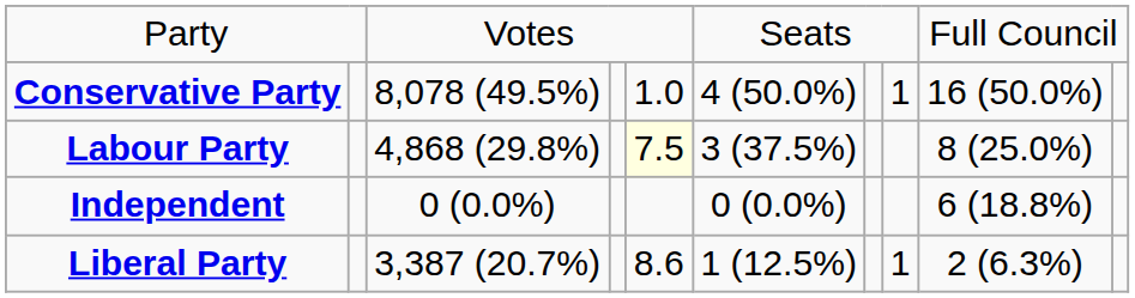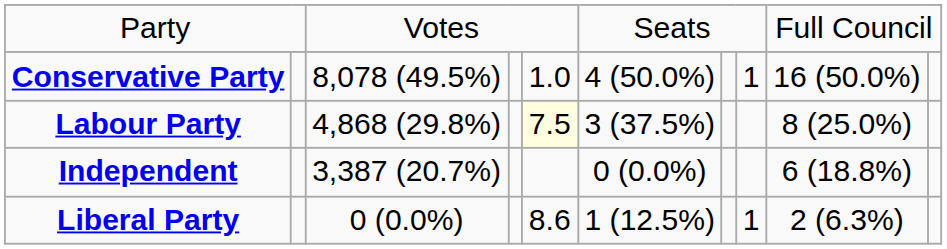 <table class=wikitable style="text-align:center;">
 <tr>
 <td colspan=2>Party</td>
 <td colspan=3>Votes</td>
 <td colspan=3>Seats</td>
 <td colspan=3>Full Council</td>
 </tr>
 <tr>
 <td><strong><a href='#'>Conservative Party</a></strong></td>
 <td style="background:"></td>
 <td>8,078 (49.5%)</td>
 <td></td>
 <td> 1.0</td>
 <td>4 (50.0%)</td>
 <td></td>
 <td> 1</td>
 <td>16 (50.0%)</td>
 <td></td>
 </tr>
 <tr>
 <td><strong><a href='#'>Labour Party</a></strong></td>
 <td style="background:"></td>
 <td>4,868 (29.8%)</td>
 <td></td>
 <td style="background: lightyellow;"> 7.5</td>
 <td>3 (37.5%)</td>
 <td></td>
 <td></td>
 <td>8 (25.0%)</td>
 <td></td>
 </tr>
 <tr>
 <td><strong><a href='#'>Independent</a></strong></td>
 <td style="background:"></td>
-<td>0 (0.0%)</td>
+<td>3,387 (20.7%)</td>
 <td></td>
 <td></td>
 <td>0 (0.0%)</td>
 <td></td>
 <td></td>
 <td>6  (18.8%)</td>
 <td></td>
 </tr>
 <tr>
 <td><strong><a href='#'>Liberal Party</a></strong></td>
 <td style="background:"></td>
-<td>3,387 (20.7%)</td>
+<td>0 (0.0%)</td>
 <td></td>
 <td> 8.6</td>
 <td>1  (12.5%)</td>
 <td></td>
 <td>1</td>
 <td>2 (6.3%)</td>
 <td></td>
 </tr>
 </table>
